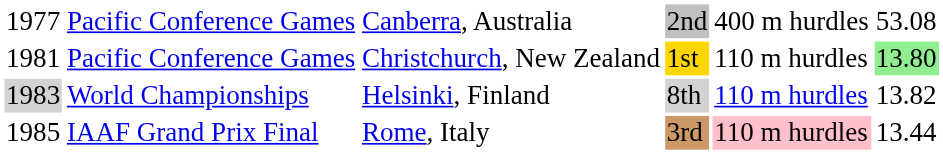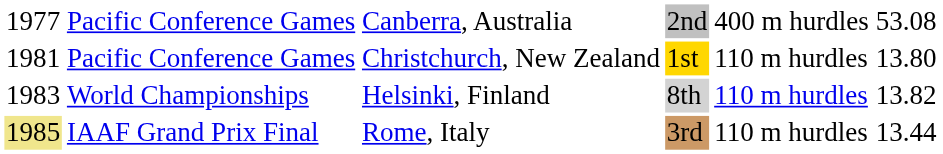 <table>
 <tr>
 <td>1977</td>
 <td><a href='#'>Pacific Conference Games</a></td>
 <td><a href='#'>Canberra</a>, Australia</td>
 <td bgcolor=silver>2nd</td>
 <td>400 m hurdles</td>
 <td>53.08</td>
 </tr>
 <tr>
 <td>1981</td>
 <td><a href='#'>Pacific Conference Games</a></td>
 <td><a href='#'>Christchurch</a>, New Zealand</td>
 <td bgcolor=gold>1st</td>
 <td>110 m hurdles</td>
-<td style="background: lightgreen;">13.80</td>
+<td>13.80</td>
 </tr>
 <tr>
-<td style="background: lightgrey;">1983</td>
+<td>1983</td>
 <td><a href='#'>World Championships</a></td>
 <td><a href='#'>Helsinki</a>, Finland</td>
 <td style="background: lightgrey;">8th</td>
 <td><a href='#'>110 m hurdles</a></td>
 <td>13.82</td>
 </tr>
 <tr>
-<td>1985</td>
+<td style="background: khaki;">1985</td>
 <td><a href='#'>IAAF Grand Prix Final</a></td>
 <td><a href='#'>Rome</a>, Italy</td>
 <td bgcolor=cc9966>3rd</td>
-<td style="background: pink;">110 m hurdles</td>
+<td>110 m hurdles</td>
 <td>13.44</td>
 </tr>
 </table>
